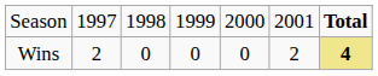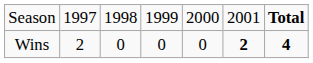 <table class="wikitable sortable">
 <tr>
 <td>Season</td>
 <td>1997</td>
 <td>1998</td>
 <td>1999</td>
 <td>2000</td>
 <td>2001</td>
 <td><strong>Total</strong></td>
 </tr>
 <tr align=center>
 <td>Wins</td>
 <td>2</td>
 <td>0</td>
 <td>0</td>
 <td>0</td>
-<td>2</td>
-<td style="background: khaki;"><strong>4</strong></td>
+<td><strong>2</strong></td>
+<td><strong>4</strong></td>
 </tr>
 </table>
